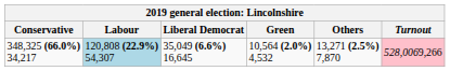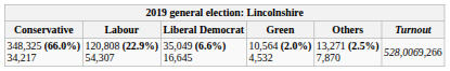 <table class="wikitable">
 <tr>
 <th colspan="7">2019 general election: Lincolnshire</th>
 </tr>
 <tr>
 <th>Conservative</th>
 <th>Labour</th>
 <th>Liberal Democrat</th>
 <th>Green</th>
 <th>Others</th>
 <th><em>Turnout</em></th>
 </tr>
 <tr>
 <td>348,325 <strong>(66.0%)</strong><br>34,217</td>
-<td style="background: lightblue;">120,808 <strong>(22.9%)</strong><br>54,307</td>
+<td>120,808 <strong>(22.9%)</strong><br>54,307</td>
 <td>35,049 <strong>(6.6%)</strong><br>16,645</td>
 <td>10,564 <strong>(2.0%)</strong><br>4,532</td>
 <td>13,271 <strong>(2.5%)</strong><br>7,870</td>
-<td style="background: pink;"><em>528,006</em>9,266</td>
+<td><em>528,006</em>9,266</td>
 </tr>
 </table>
